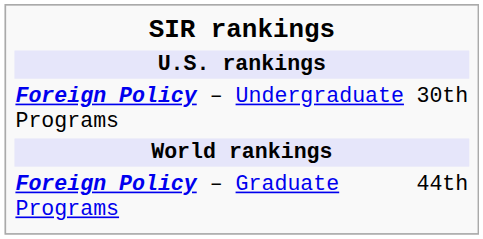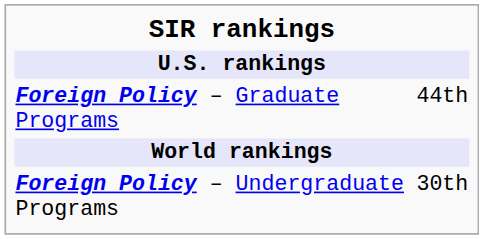 <table class="infobox" style="width: 22em;">
 <tr>
 <th colspan="2" style="font-size: 100%; text-align: center;"><big>SIR rankings</big></th>
 </tr>
 <tr>
 <th colspan="2" style="font-size: 100%; text-align: center; background-color:#E6E6FA">U.S. rankings</th>
 </tr>
 <tr>
-<td><strong><em><a href='#'>Foreign Policy</a></em></strong> – <a href='#'>Undergraduate</a> Programs</td>
-<td>30th</td>
+<td><strong><em><a href='#'>Foreign Policy</a></em></strong> – <a href='#'>Graduate Programs</a></td>
+<td>44th</td>
 </tr>
 <tr>
 <th colspan="2" style="font-size: 100%; text-align: center; background-color:#E6E6FA">World rankings</th>
 </tr>
 <tr>
-<td><strong><em><a href='#'>Foreign Policy</a></em></strong> – <a href='#'>Graduate Programs</a></td>
-<td>44th</td>
+<td><strong><em><a href='#'>Foreign Policy</a></em></strong> – <a href='#'>Undergraduate</a> Programs</td>
+<td>30th</td>
 </tr>
 <tr>
 </tr>
 </table>
